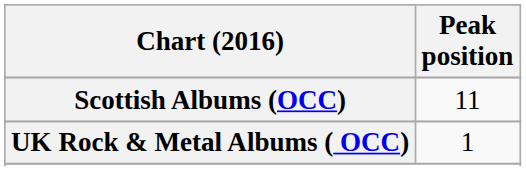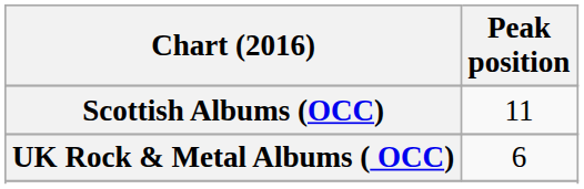 <table class="wikitable sortable plainrowheaders" style="text-align:center">
 <tr>
 <th scope="col">Chart (2016)</th>
 <th scope="col">Peak<br> position</th>
 </tr>
 <tr>
 </tr>
 <tr>
 </tr>
 <tr>
 </tr>
 <tr>
 </tr>
 <tr>
 </tr>
 <tr>
 </tr>
 <tr>
 <th scope="row">Scottish Albums (<a href='#'>OCC</a>)</th>
 <td>11</td>
 </tr>
 <tr>
 </tr>
 <tr>
 <th scope="row">UK Rock & Metal Albums (<a href='#'> OCC</a>)</th>
-<td>1</td>
+<td>6</td>
 </tr>
 <tr>
 </tr>
 <tr>
 </tr>
 <tr>
 </tr>
 <tr>
 </tr>
 <tr>
 </tr>
 <tr>
 </tr>
 <tr>
 </tr>
 </table>
